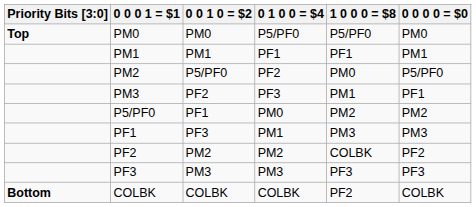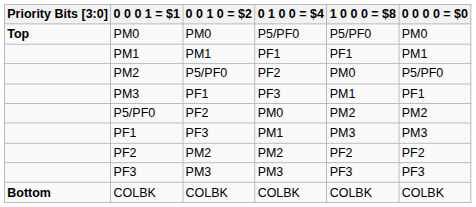 <table class="wikitable">
 <tr>
 <th>Priority Bits [3:0]</th>
 <th>0 0 0 1 = $1</th>
 <th>0 0 1 0 = $2</th>
 <th>0 1 0 0 = $4</th>
 <th>1 0 0 0 = $8</th>
 <th>0 0 0 0 = $0</th>
 </tr>
 <tr>
 <td><strong>Top</strong></td>
 <td>PM0</td>
 <td>PM0</td>
 <td>P5/PF0</td>
 <td>P5/PF0</td>
 <td>PM0</td>
 </tr>
 <tr>
 <td></td>
 <td>PM1</td>
 <td>PM1</td>
 <td>PF1</td>
 <td>PF1</td>
 <td>PM1</td>
 </tr>
 <tr>
 <td></td>
 <td>PM2</td>
 <td>P5/PF0</td>
 <td>PF2</td>
 <td>PM0</td>
 <td>P5/PF0</td>
 </tr>
 <tr>
 <td></td>
 <td>PM3</td>
-<td>PF2</td>
+<td>PF1</td>
 <td>PF3</td>
 <td>PM1</td>
 <td>PF1</td>
 </tr>
 <tr>
 <td></td>
 <td>P5/PF0</td>
-<td>PF1</td>
+<td>PF2</td>
 <td>PM0</td>
 <td>PM2</td>
 <td>PM2</td>
 </tr>
 <tr>
 <td></td>
 <td>PF1</td>
 <td>PF3</td>
 <td>PM1</td>
 <td>PM3</td>
 <td>PM3</td>
 </tr>
 <tr>
 <td></td>
 <td>PF2</td>
 <td>PM2</td>
 <td>PM2</td>
-<td>COLBK</td>
+<td>PF2</td>
 <td>PF2</td>
 </tr>
 <tr>
 <td></td>
 <td>PF3</td>
 <td>PM3</td>
 <td>PM3</td>
 <td>PF3</td>
 <td>PF3</td>
 </tr>
 <tr>
 <td><strong>Bottom</strong></td>
 <td>COLBK</td>
 <td>COLBK</td>
 <td>COLBK</td>
-<td>PF2</td>
+<td>COLBK</td>
 <td>COLBK</td>
 </tr>
 </table>
